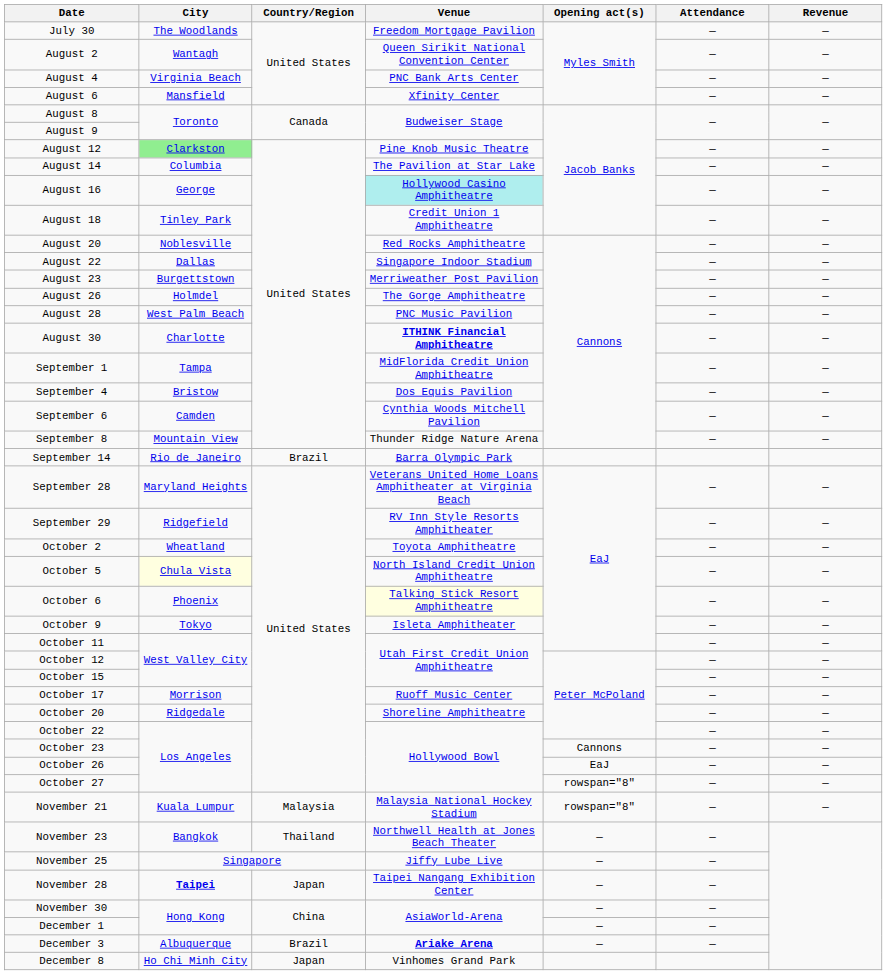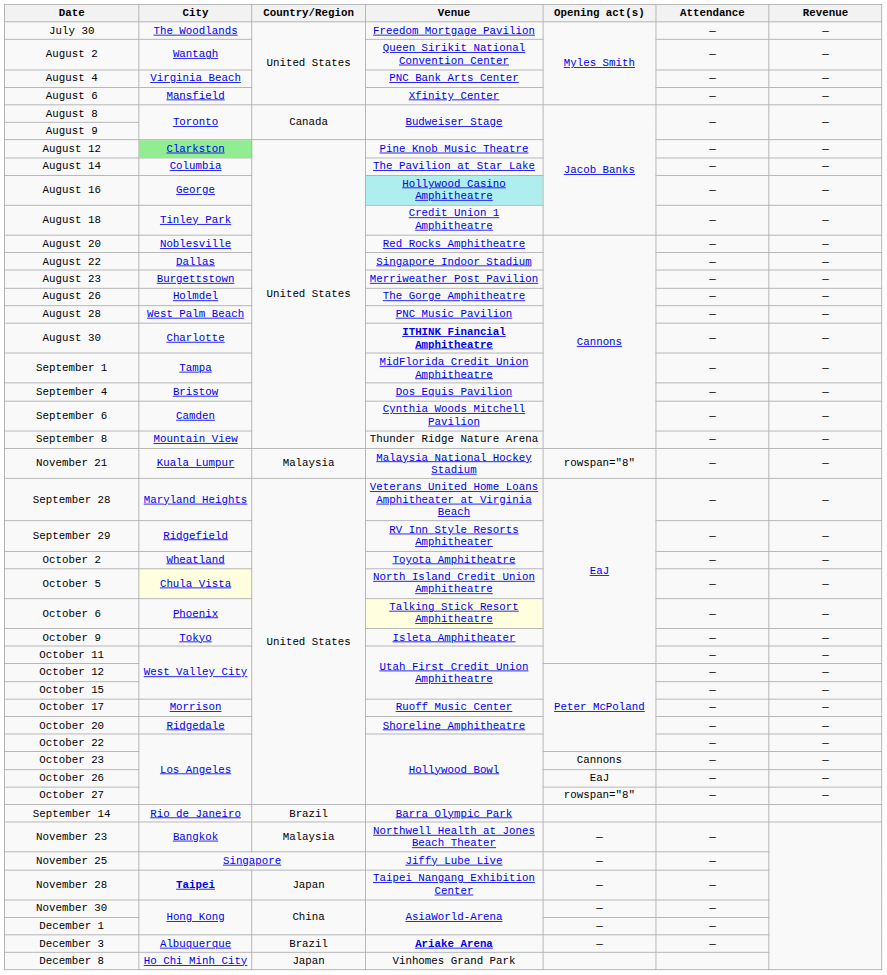 <table class="wikitable plainrowheaders" style="text-align:center;">
 <tr>
 <th cope="col" style="width:12em;">Date</th>
 <th scope="col" style="width:10em;">City</th>
 <th scope="col" style="width:10em;">Country/Region</th>
 <th scope="col" style="width:16em;">Venue</th>
 <th scope="col" style="width:10em;">Opening act(s)</th>
 <th scope="col" style="width:10em;">Attendance</th>
 <th scope="col" style="width:10em;">Revenue</th>
 </tr>
 <tr>
 <td>July 30</td>
 <td><a href='#'>The Woodlands</a></td>
 <td rowspan="4">United States</td>
 <td><a href='#'>Freedom Mortgage Pavilion</a></td>
 <td rowspan="4"><a href='#'>Myles Smith</a></td>
 <td>—</td>
 <td>—</td>
 </tr>
 <tr>
 <td>August 2</td>
 <td><a href='#'>Wantagh</a></td>
 <td><a href='#'>Queen Sirikit National Convention Center</a></td>
 <td>—</td>
 <td>—</td>
 </tr>
 <tr>
 <td>August 4</td>
 <td><a href='#'>Virginia Beach</a></td>
 <td><a href='#'>PNC Bank Arts Center</a></td>
 <td>—</td>
 <td>—</td>
 </tr>
 <tr>
 <td>August 6</td>
 <td><a href='#'>Mansfield</a></td>
 <td><a href='#'>Xfinity Center</a></td>
 <td>—</td>
 <td>—</td>
 </tr>
 <tr>
 <td>August 8</td>
 <td rowspan="2"><a href='#'>Toronto</a></td>
 <td rowspan="2">Canada</td>
 <td rowspan="2"><a href='#'>Budweiser Stage</a></td>
 <td rowspan="6"><a href='#'>Jacob Banks</a></td>
 <td rowspan="2">—</td>
 <td rowspan="2">—</td>
 </tr>
 <tr>
 <td>August 9</td>
 </tr>
 <tr>
 <td>August 12</td>
 <td style="background: lightgreen;"><a href='#'>Clarkston</a></td>
 <td rowspan="14">United States</td>
 <td><a href='#'>Pine Knob Music Theatre</a></td>
 <td>—</td>
 <td>—</td>
 </tr>
 <tr>
 <td>August 14</td>
 <td><a href='#'>Columbia</a></td>
 <td><a href='#'>The Pavilion at Star Lake</a></td>
 <td>—</td>
 <td>—</td>
 </tr>
 <tr>
 <td>August 16</td>
 <td><a href='#'>George</a></td>
 <td style="background: paleturquoise;"><a href='#'>Hollywood Casino Amphitheatre</a></td>
 <td>—</td>
 <td>—</td>
 </tr>
 <tr>
 <td>August 18</td>
 <td><a href='#'>Tinley Park</a></td>
 <td><a href='#'>Credit Union 1 Amphitheatre</a></td>
 <td>—</td>
 <td>—</td>
 </tr>
 <tr>
 <td>August 20</td>
 <td><a href='#'>Noblesville</a></td>
 <td><a href='#'>Red Rocks Amphitheatre</a></td>
 <td rowspan="10"><a href='#'>Cannons</a></td>
 <td>—</td>
 <td>—</td>
 </tr>
 <tr>
 <td>August 22</td>
 <td><a href='#'>Dallas</a></td>
 <td><a href='#'>Singapore Indoor Stadium</a></td>
 <td>—</td>
 <td>—</td>
 </tr>
 <tr>
 <td>August 23</td>
 <td><a href='#'>Burgettstown</a></td>
 <td><a href='#'>Merriweather Post Pavilion</a></td>
 <td>—</td>
 <td>—</td>
 </tr>
 <tr>
 <td>August 26</td>
 <td><a href='#'>Holmdel</a></td>
 <td><a href='#'>The Gorge Amphitheatre</a></td>
 <td>—</td>
 <td>—</td>
 </tr>
 <tr>
 <td>August 28</td>
 <td><a href='#'>West Palm Beach</a></td>
 <td><a href='#'>PNC Music Pavilion</a></td>
 <td>—</td>
 <td>—</td>
 </tr>
 <tr>
 <td>August 30</td>
 <td><a href='#'>Charlotte</a></td>
 <td><strong><a href='#'>ITHINK Financial Amphitheatre</a></strong></td>
 <td>—</td>
 <td>—</td>
 </tr>
 <tr>
 <td>September 1</td>
 <td><a href='#'>Tampa</a></td>
 <td><a href='#'>MidFlorida Credit Union Amphitheatre</a></td>
 <td>—</td>
 <td>—</td>
 </tr>
 <tr>
 <td>September 4</td>
 <td><a href='#'>Bristow</a></td>
 <td><a href='#'>Dos Equis Pavilion</a></td>
 <td>—</td>
 <td>—</td>
 </tr>
 <tr>
 <td>September 6</td>
 <td><a href='#'>Camden</a></td>
 <td><a href='#'>Cynthia Woods Mitchell Pavilion</a></td>
 <td>—</td>
 <td>—</td>
 </tr>
 <tr>
 <td>September 8</td>
 <td><a href='#'>Mountain View</a></td>
 <td>Thunder Ridge Nature Arena</td>
 <td>—</td>
 <td>—</td>
 </tr>
 <tr>
-<td>September 14</td>
-<td><a href='#'>Rio de Janeiro</a></td>
-<td>Brazil</td>
-<td><a href='#'>Barra Olympic Park</a></td>
-<td></td>
-<td></td>
-<td></td>
+<td>November 21</td>
+<td><a href='#'>Kuala Lumpur</a></td>
+<td>Malaysia</td>
+<td><a href='#'>Malaysia National Hockey Stadium</a></td>
+<td>rowspan="8" </td>
+<td>—</td>
+<td>—</td>
 </tr>
 <tr>
 <td>September 28</td>
 <td><a href='#'>Maryland Heights</a></td>
 <td rowspan="15">United States</td>
 <td><a href='#'>Veterans United Home Loans Amphitheater at Virginia Beach</a></td>
 <td rowspan="7"><a href='#'>EaJ</a></td>
 <td>—</td>
 <td>—</td>
 </tr>
 <tr>
 <td>September 29</td>
 <td><a href='#'>Ridgefield</a></td>
 <td><a href='#'>RV Inn Style Resorts Amphitheater</a></td>
 <td>—</td>
 <td>—</td>
 </tr>
 <tr>
 <td>October 2</td>
 <td><a href='#'>Wheatland</a></td>
 <td><a href='#'>Toyota Amphitheatre</a></td>
 <td>—</td>
 <td>—</td>
 </tr>
 <tr>
 <td>October 5</td>
 <td style="background: lightyellow;"><a href='#'>Chula Vista</a></td>
 <td><a href='#'>North Island Credit Union Amphitheatre</a></td>
 <td>—</td>
 <td>—</td>
 </tr>
 <tr>
 <td>October 6</td>
 <td><a href='#'>Phoenix</a></td>
 <td style="background: lightyellow;"><a href='#'>Talking Stick Resort Amphitheatre</a></td>
 <td>—</td>
 <td>—</td>
 </tr>
 <tr>
 <td>October 9</td>
 <td><a href='#'>Tokyo</a></td>
 <td><a href='#'>Isleta Amphitheater</a></td>
 <td>—</td>
 <td>—</td>
 </tr>
 <tr>
 <td>October 11</td>
 <td rowspan="3"><a href='#'>West Valley City</a></td>
 <td rowspan="3"><a href='#'>Utah First Credit Union Amphitheatre</a></td>
 <td>—</td>
 <td>—</td>
 </tr>
 <tr>
 <td>October 12</td>
 <td rowspan="5"><a href='#'>Peter McPoland</a></td>
 <td>—</td>
 <td>—</td>
 </tr>
 <tr>
 <td>October 15</td>
 <td>—</td>
 <td>—</td>
 </tr>
 <tr>
 <td>October 17</td>
 <td><a href='#'>Morrison</a></td>
 <td><a href='#'>Ruoff Music Center</a></td>
 <td>—</td>
 <td>—</td>
 </tr>
 <tr>
 <td>October 20</td>
 <td><a href='#'>Ridgedale</a></td>
 <td><a href='#'>Shoreline Amphitheatre</a></td>
 <td>—</td>
 <td>—</td>
 </tr>
 <tr>
 <td>October 22</td>
 <td rowspan="4"><a href='#'>Los Angeles</a></td>
 <td rowspan="4"><a href='#'>Hollywood Bowl</a></td>
 <td>—</td>
 <td>—</td>
 </tr>
 <tr>
 <td>October 23</td>
 <td>Cannons</td>
 <td>—</td>
 <td>—</td>
 </tr>
 <tr>
 <td>October 26</td>
 <td>EaJ</td>
 <td>—</td>
 <td>—</td>
 </tr>
 <tr>
 <td>October 27</td>
 <td>rowspan="8" </td>
 <td>—</td>
 <td>—</td>
 </tr>
 <tr>
-<td>November 21</td>
-<td><a href='#'>Kuala Lumpur</a></td>
-<td>Malaysia</td>
-<td><a href='#'>Malaysia National Hockey Stadium</a></td>
-<td>rowspan="8" </td>
-<td>—</td>
-<td>—</td>
+<td>September 14</td>
+<td><a href='#'>Rio de Janeiro</a></td>
+<td>Brazil</td>
+<td><a href='#'>Barra Olympic Park</a></td>
+<td></td>
+<td></td>
+<td></td>
 </tr>
 <tr>
 <td>November 23</td>
 <td><a href='#'>Bangkok</a></td>
-<td>Thailand</td>
+<td>Malaysia</td>
 <td><a href='#'>Northwell Health at Jones Beach Theater</a></td>
 <td>—</td>
 <td>—</td>
 </tr>
 <tr>
 <td>November 25</td>
 <td colspan="2"><a href='#'>Singapore</a></td>
 <td><a href='#'>Jiffy Lube Live</a></td>
 <td>—</td>
 <td>—</td>
 </tr>
 <tr>
 <td>November 28</td>
 <td><strong><a href='#'>Taipei</a></strong></td>
 <td>Japan</td>
 <td><a href='#'>Taipei Nangang Exhibition Center</a></td>
 <td>—</td>
 <td>—</td>
 </tr>
 <tr>
 <td>November 30</td>
 <td rowspan="2"><a href='#'>Hong Kong</a></td>
 <td rowspan="2">China</td>
 <td rowspan="2"><a href='#'>AsiaWorld-Arena</a></td>
 <td>—</td>
 <td>—</td>
 </tr>
 <tr>
 <td>December 1</td>
 <td>—</td>
 <td>—</td>
 </tr>
 <tr>
 <td>December 3</td>
 <td><a href='#'>Albuquerque</a></td>
 <td>Brazil</td>
 <td><strong><a href='#'>Ariake Arena</a></strong></td>
 <td>—</td>
 <td>—</td>
 </tr>
 <tr>
 <td>December 8</td>
 <td><a href='#'>Ho Chi Minh City</a></td>
 <td>Japan</td>
 <td>Vinhomes Grand Park</td>
 <td></td>
 <td></td>
 </tr>
 </table>
